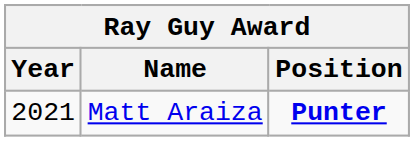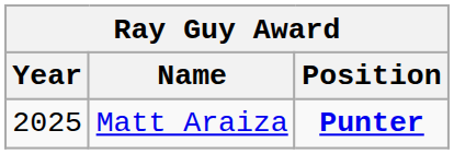 <table class="wikitable">
 <tr align="center">
 <th colspan=5>Ray Guy Award</th>
 </tr>
 <tr>
 <th>Year</th>
 <th>Name</th>
 <th>Position</th>
 </tr>
 <tr align="center" bgcolor="">
-<td>2021</td>
+<td>2025</td>
 <td><a href='#'>Matt Araiza</a></td>
 <td><strong><a href='#'>Punter</a></strong></td>
 </tr>
 </table>
